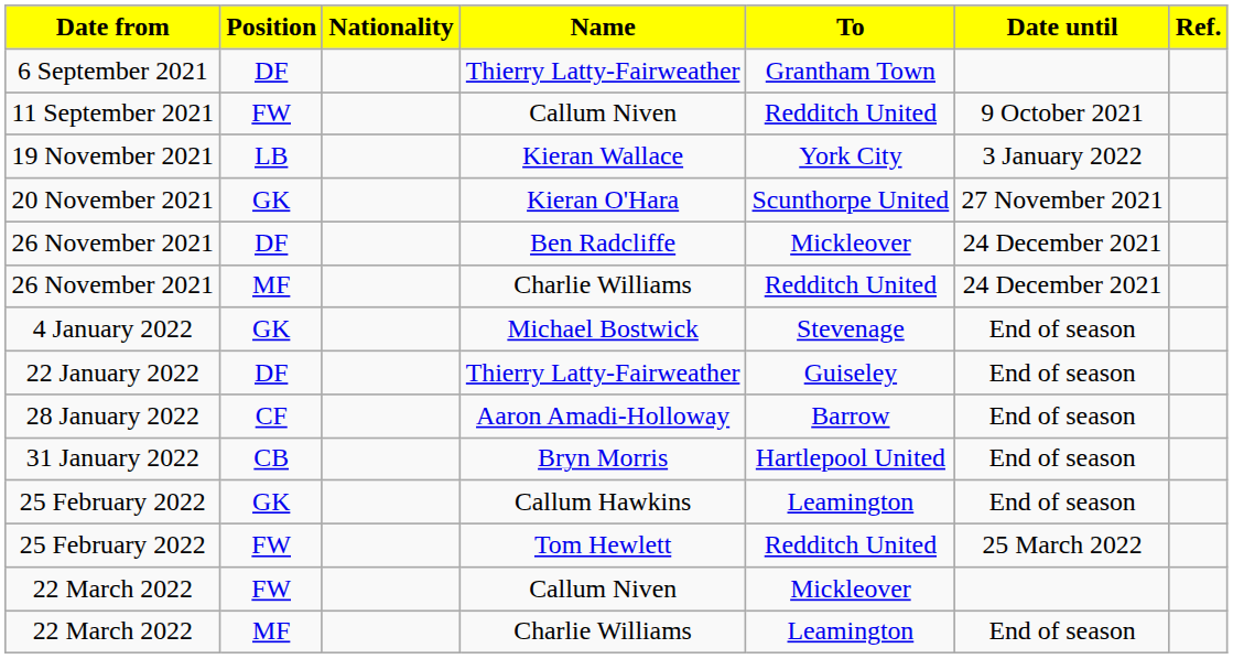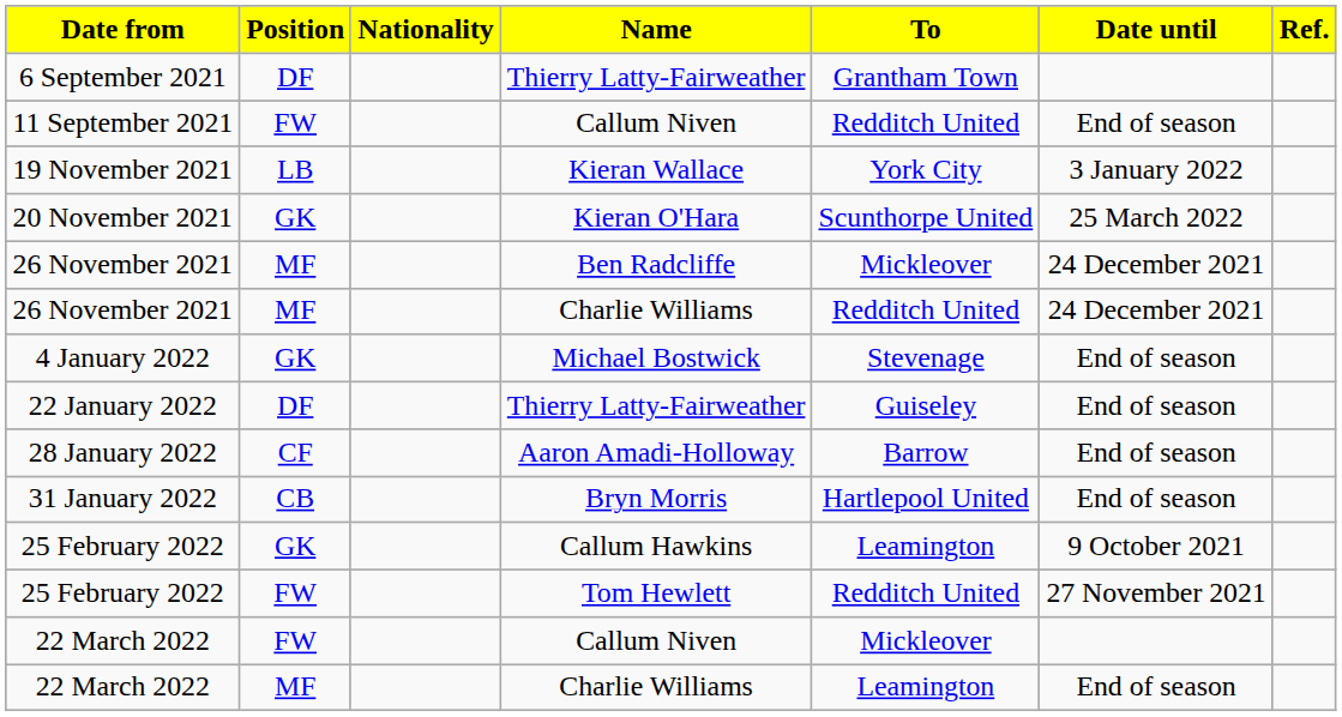 <table class="wikitable"  style="text-align:center; font-size:90%; ">
 <tr>
 <th style="background:yellow;">Date from</th>
 <th style="background:yellow;">Position</th>
 <th style="background:yellow;">Nationality</th>
 <th style="background:yellow;">Name</th>
 <th style="background:yellow;">To</th>
 <th style="background:yellow;">Date until</th>
 <th style="background:yellow;">Ref.</th>
 </tr>
 <tr>
 <td>6 September 2021</td>
 <td><a href='#'>DF</a></td>
 <td></td>
 <td><a href='#'>Thierry Latty-Fairweather</a></td>
 <td> <a href='#'>Grantham Town</a></td>
 <td></td>
 <td></td>
 </tr>
 <tr>
 <td>11 September 2021</td>
 <td><a href='#'>FW</a></td>
 <td></td>
 <td>Callum Niven</td>
 <td> <a href='#'>Redditch United</a></td>
-<td>9 October 2021</td>
+<td>End of season</td>
 <td></td>
 </tr>
 <tr>
 <td>19 November 2021</td>
 <td><a href='#'>LB</a></td>
 <td></td>
 <td><a href='#'>Kieran Wallace</a></td>
 <td> <a href='#'>York City</a></td>
 <td>3 January 2022</td>
 <td></td>
 </tr>
 <tr>
 <td>20 November 2021</td>
 <td><a href='#'>GK</a></td>
 <td></td>
 <td><a href='#'>Kieran O'Hara</a></td>
 <td> <a href='#'>Scunthorpe United</a></td>
-<td>27 November 2021</td>
+<td>25 March 2022</td>
 <td></td>
 </tr>
 <tr>
 <td>26 November 2021</td>
-<td><a href='#'>DF</a></td>
+<td><a href='#'>MF</a></td>
 <td></td>
 <td><a href='#'>Ben Radcliffe</a></td>
 <td> <a href='#'>Mickleover</a></td>
 <td>24 December 2021</td>
 <td></td>
 </tr>
 <tr>
 <td>26 November 2021</td>
 <td><a href='#'>MF</a></td>
 <td></td>
 <td>Charlie Williams</td>
 <td> <a href='#'>Redditch United</a></td>
 <td>24 December 2021</td>
 <td></td>
 </tr>
 <tr>
 <td>4 January 2022</td>
 <td><a href='#'>GK</a></td>
 <td></td>
 <td><a href='#'>Michael Bostwick</a></td>
 <td> <a href='#'>Stevenage</a></td>
 <td>End of season</td>
 <td></td>
 </tr>
 <tr>
 <td>22 January 2022</td>
 <td><a href='#'>DF</a></td>
 <td></td>
 <td><a href='#'>Thierry Latty-Fairweather</a></td>
 <td> <a href='#'>Guiseley</a></td>
 <td>End of season</td>
 <td></td>
 </tr>
 <tr>
 <td>28 January 2022</td>
 <td><a href='#'>CF</a></td>
 <td></td>
 <td><a href='#'>Aaron Amadi-Holloway</a></td>
 <td> <a href='#'>Barrow</a></td>
 <td>End of season</td>
 <td></td>
 </tr>
 <tr>
 <td>31 January 2022</td>
 <td><a href='#'>CB</a></td>
 <td></td>
 <td><a href='#'>Bryn Morris</a></td>
 <td> <a href='#'>Hartlepool United</a></td>
 <td>End of season</td>
 <td></td>
 </tr>
 <tr>
 <td>25 February 2022</td>
 <td><a href='#'>GK</a></td>
 <td></td>
 <td>Callum Hawkins</td>
 <td> <a href='#'>Leamington</a></td>
-<td>End of season</td>
+<td>9 October 2021</td>
 <td></td>
 </tr>
 <tr>
 <td>25 February 2022</td>
 <td><a href='#'>FW</a></td>
 <td></td>
 <td><a href='#'>Tom Hewlett</a></td>
 <td> <a href='#'>Redditch United</a></td>
-<td>25 March 2022</td>
+<td>27 November 2021</td>
 <td></td>
 </tr>
 <tr>
 <td>22 March 2022</td>
 <td><a href='#'>FW</a></td>
 <td></td>
 <td>Callum Niven</td>
 <td> <a href='#'>Mickleover</a></td>
 <td></td>
 <td></td>
 </tr>
 <tr>
 <td>22 March 2022</td>
 <td><a href='#'>MF</a></td>
 <td></td>
 <td>Charlie Williams</td>
 <td> <a href='#'>Leamington</a></td>
 <td>End of season</td>
 <td></td>
 </tr>
 </table>
